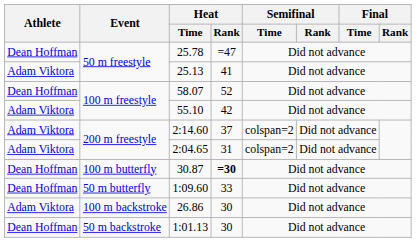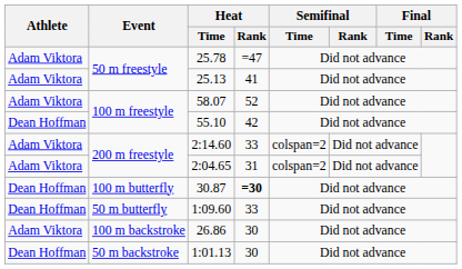 <table class=wikitable style="font-size:90%">
 <tr>
 <th rowspan=2>Athlete</th>
 <th rowspan=2>Event</th>
 <th colspan="2">Heat</th>
 <th colspan="2">Semifinal</th>
 <th colspan="2">Final</th>
 </tr>
 <tr style="font-size:95%">
 <th>Time</th>
 <th>Rank</th>
 <th>Time</th>
 <th>Rank</th>
 <th>Time</th>
 <th>Rank</th>
 </tr>
 <tr align=center>
-<td align=left><a href='#'>Dean Hoffman</a></td>
+<td align=left><a href='#'>Adam Viktora</a></td>
 <td align=left rowspan=2><a href='#'>50 m freestyle</a></td>
 <td>25.78</td>
 <td>=47</td>
 <td colspan=4>Did not advance</td>
 </tr>
 <tr align=center>
 <td align=left><a href='#'>Adam Viktora</a></td>
 <td>25.13</td>
 <td>41</td>
 <td colspan=4>Did not advance</td>
 </tr>
 <tr align=center>
-<td align=left><a href='#'>Dean Hoffman</a></td>
+<td align=left><a href='#'>Adam Viktora</a></td>
 <td align=left rowspan=2><a href='#'>100 m freestyle</a></td>
 <td>58.07</td>
 <td>52</td>
 <td colspan=4>Did not advance</td>
 </tr>
 <tr align=center>
-<td align=left><a href='#'>Adam Viktora</a></td>
+<td align=left><a href='#'>Dean Hoffman</a></td>
 <td>55.10</td>
 <td>42</td>
 <td colspan=4>Did not advance</td>
 </tr>
 <tr align=center>
 <td align=left><a href='#'>Adam Viktora</a></td>
 <td align=left rowspan=2><a href='#'>200 m freestyle</a></td>
 <td>2:14.60</td>
-<td>37</td>
+<td>33</td>
 <td>colspan=2 </td>
 <td colspan=2>Did not advance</td>
 </tr>
 <tr align=center>
 <td align=left><a href='#'>Adam Viktora</a></td>
 <td>2:04.65</td>
 <td>31</td>
 <td>colspan=2 </td>
 <td colspan=2>Did not advance</td>
 </tr>
 <tr align=center>
 <td align=left><a href='#'>Dean Hoffman</a></td>
 <td align=left><a href='#'>100 m butterfly</a></td>
 <td>30.87</td>
 <td><strong>=30</strong></td>
 <td colspan=4>Did not advance</td>
 </tr>
 <tr align=center>
 <td align=left><a href='#'>Dean Hoffman</a></td>
 <td align=left><a href='#'>50 m butterfly</a></td>
 <td>1:09.60</td>
 <td>33</td>
 <td colspan=4>Did not advance</td>
 </tr>
 <tr align=center>
 <td align=left><a href='#'>Adam Viktora</a></td>
 <td align=left><a href='#'>100 m backstroke</a></td>
 <td>26.86</td>
 <td>30</td>
 <td colspan="4">Did not advance</td>
 </tr>
 <tr align=center>
 <td align=left><a href='#'>Dean Hoffman</a></td>
 <td align=left><a href='#'>50 m backstroke</a></td>
 <td>1:01.13</td>
 <td>30</td>
 <td colspan="4">Did not advance</td>
 </tr>
 </table>
